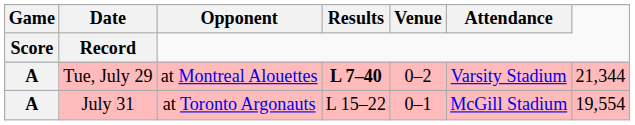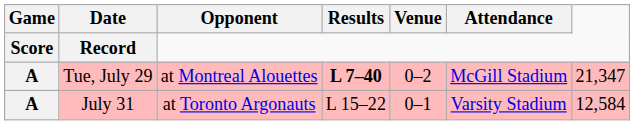 <table class="wikitable" style="text-align:center">
 <tr>
 <th>Game</th>
 <th>Date</th>
 <th>Opponent</th>
 <th>Results</th>
 <th>Venue</th>
 <th>Attendance</th>
 </tr>
 <tr>
 <th>Score</th>
 <th>Record</th>
 </tr>
 <tr style="background:#ffbbbb">
 <th>A</th>
 <td>Tue, July 29</td>
 <td>at <a href='#'>Montreal Alouettes</a></td>
 <td><strong>L 7–40</strong></td>
 <td>0–2</td>
-<td><a href='#'>Varsity Stadium</a></td>
-<td>21,344</td>
+<td><a href='#'>McGill Stadium</a></td>
+<td>21,347</td>
 </tr>
 <tr style="background:#ffbbbb">
 <th>A</th>
 <td>July 31</td>
 <td>at <a href='#'>Toronto Argonauts</a></td>
 <td>L 15–22</td>
 <td>0–1</td>
-<td><a href='#'>McGill Stadium</a></td>
-<td>19,554</td>
+<td><a href='#'>Varsity Stadium</a></td>
+<td>12,584</td>
 </tr>
 </table>
